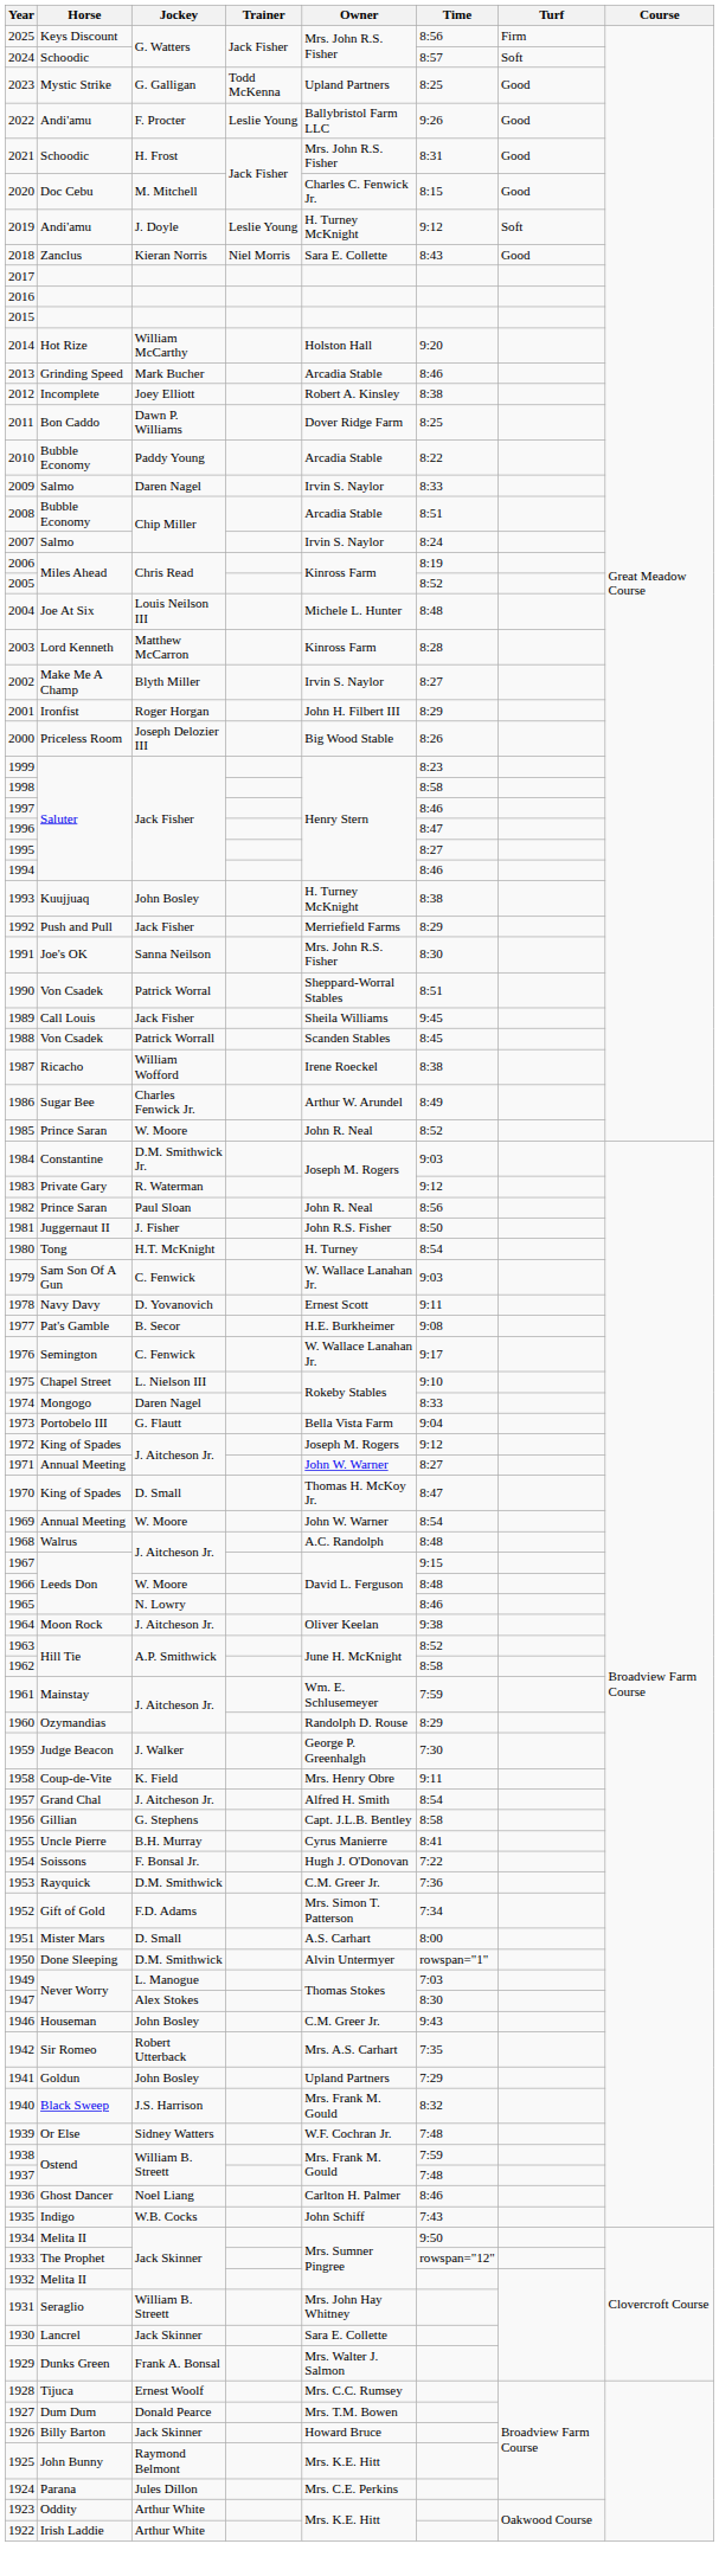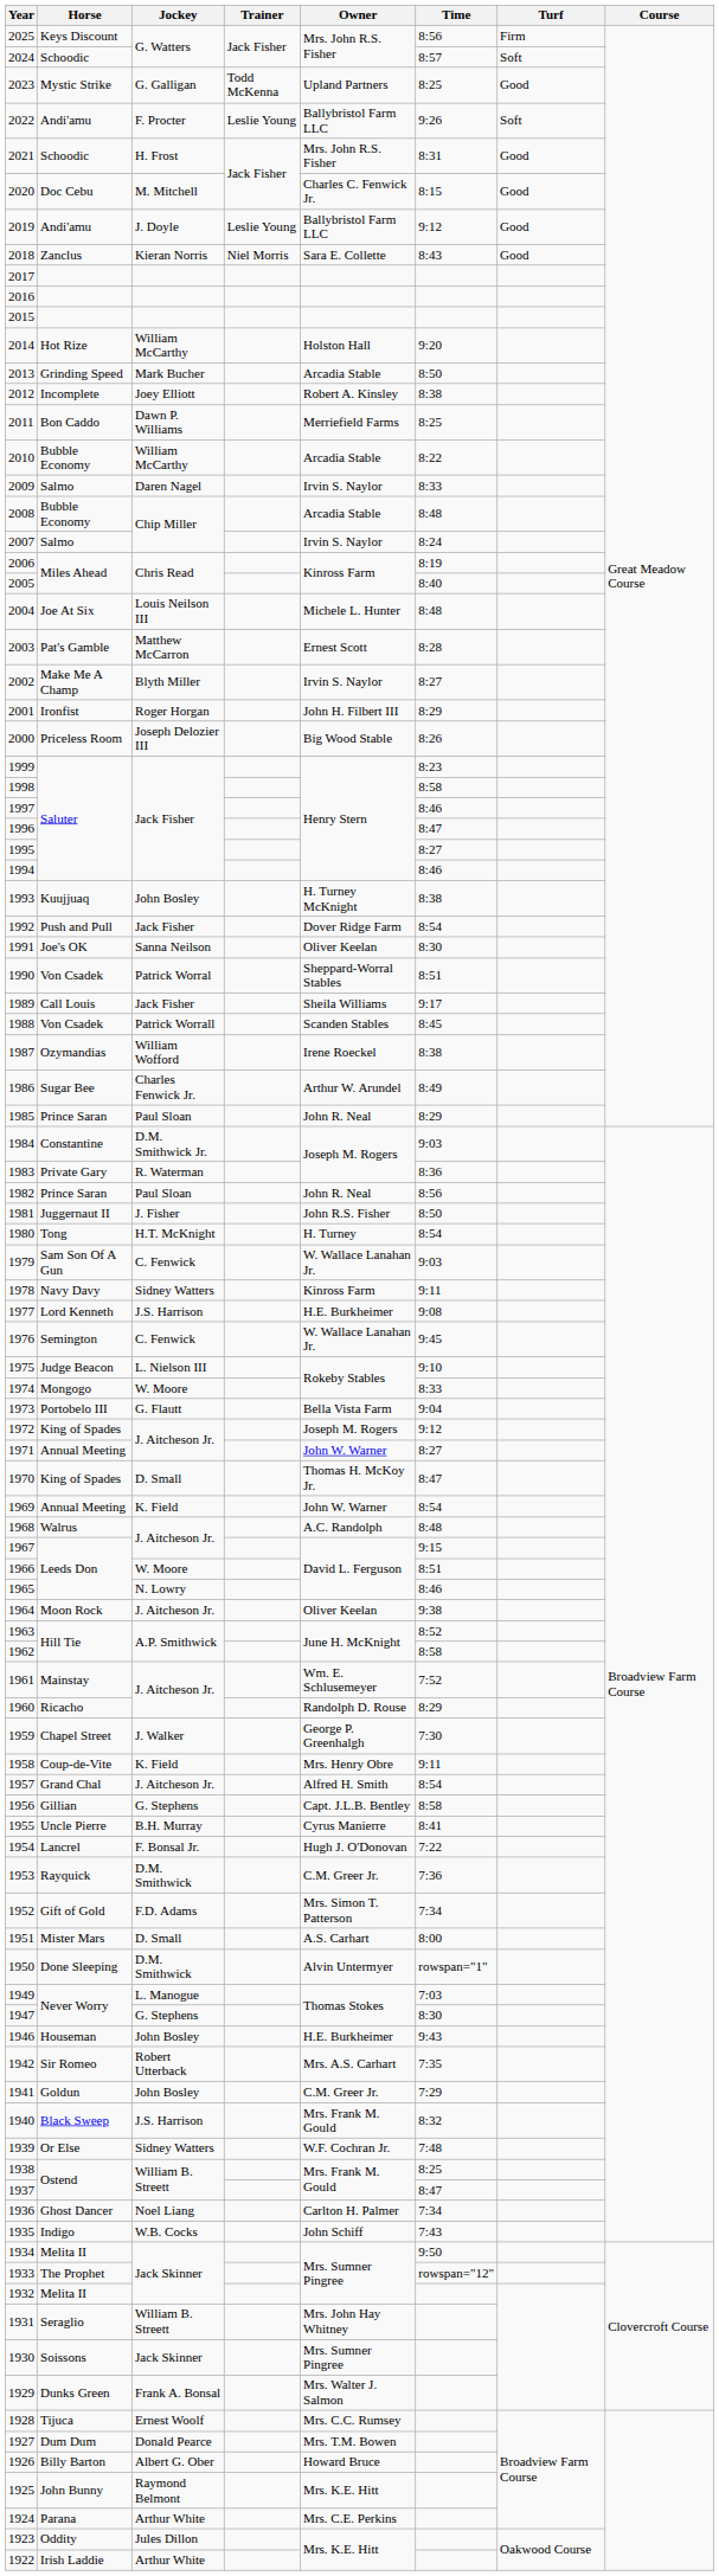 <table class="wikitable sortable">
 <tr>
 <th>Year</th>
 <th>Horse</th>
 <th>Jockey</th>
 <th>Trainer</th>
 <th>Owner</th>
 <th>Time</th>
 <th>Turf</th>
 <th>Course</th>
 </tr>
 <tr>
 <td>2025</td>
 <td>Keys Discount</td>
 <td rowspan="2">G. Watters</td>
 <td rowspan="2">Jack Fisher</td>
 <td rowspan="2">Mrs. John R.S. Fisher</td>
 <td>8:56</td>
 <td>Firm</td>
 <td rowspan="41">Great Meadow Course</td>
 </tr>
 <tr>
 <td>2024</td>
 <td>Schoodic</td>
 <td>8:57</td>
 <td>Soft</td>
 </tr>
 <tr>
 <td>2023</td>
 <td>Mystic Strike</td>
 <td>G. Galligan</td>
 <td>Todd McKenna</td>
 <td>Upland Partners</td>
 <td>8:25</td>
 <td>Good</td>
 </tr>
 <tr>
 <td>2022</td>
 <td>Andi'amu</td>
 <td>F. Procter</td>
 <td>Leslie Young</td>
 <td>Ballybristol Farm LLC</td>
 <td>9:26</td>
-<td>Good</td>
+<td>Soft</td>
 </tr>
 <tr>
 <td>2021</td>
 <td>Schoodic</td>
 <td>H. Frost</td>
 <td rowspan="2">Jack Fisher</td>
 <td>Mrs. John R.S. Fisher</td>
 <td>8:31</td>
 <td>Good</td>
 </tr>
 <tr>
 <td>2020</td>
 <td>Doc Cebu</td>
 <td>M. Mitchell</td>
 <td>Charles C. Fenwick Jr.</td>
 <td>8:15</td>
 <td>Good</td>
 </tr>
 <tr>
 <td>2019</td>
 <td>Andi'amu</td>
 <td>J. Doyle</td>
 <td>Leslie Young</td>
-<td>H. Turney McKnight</td>
+<td>Ballybristol Farm LLC</td>
 <td>9:12</td>
-<td>Soft</td>
+<td>Good</td>
 </tr>
 <tr>
 <td>2018</td>
 <td>Zanclus</td>
 <td>Kieran Norris</td>
 <td>Niel Morris</td>
 <td>Sara E. Collette</td>
 <td>8:43</td>
 <td>Good</td>
 </tr>
 <tr>
 <td>2017</td>
 <td></td>
 <td></td>
 <td></td>
 <td></td>
 <td></td>
 <td></td>
 </tr>
 <tr>
 <td>2016</td>
 <td></td>
 <td></td>
 <td></td>
 <td></td>
 <td></td>
 <td></td>
 </tr>
 <tr>
 <td>2015</td>
 <td></td>
 <td></td>
 <td></td>
 <td></td>
 <td></td>
 <td></td>
 </tr>
 <tr>
 <td>2014</td>
 <td>Hot Rize</td>
 <td>William McCarthy</td>
 <td></td>
 <td>Holston Hall</td>
 <td>9:20</td>
 <td></td>
 </tr>
 <tr>
 <td>2013</td>
 <td>Grinding Speed</td>
 <td>Mark Bucher</td>
 <td></td>
 <td>Arcadia Stable</td>
-<td>8:46</td>
+<td>8:50</td>
 <td></td>
 </tr>
 <tr>
 <td>2012</td>
 <td>Incomplete</td>
 <td>Joey Elliott</td>
 <td></td>
 <td>Robert A. Kinsley</td>
 <td>8:38</td>
 <td></td>
 </tr>
 <tr>
 <td>2011</td>
 <td>Bon Caddo</td>
 <td>Dawn P. Williams</td>
 <td></td>
-<td>Dover Ridge Farm</td>
+<td>Merriefield Farms</td>
 <td>8:25</td>
 <td></td>
 </tr>
 <tr>
 <td>2010</td>
 <td>Bubble Economy</td>
-<td>Paddy Young</td>
+<td>William McCarthy</td>
 <td></td>
 <td>Arcadia Stable</td>
 <td>8:22</td>
 <td></td>
 </tr>
 <tr>
 <td>2009</td>
 <td>Salmo</td>
 <td>Daren Nagel</td>
 <td></td>
 <td>Irvin S. Naylor</td>
 <td>8:33</td>
 <td></td>
 </tr>
 <tr>
 <td>2008</td>
 <td>Bubble Economy</td>
 <td rowspan="2">Chip Miller</td>
 <td></td>
 <td>Arcadia Stable</td>
-<td>8:51</td>
+<td>8:48</td>
 <td></td>
 </tr>
 <tr>
 <td>2007</td>
 <td>Salmo</td>
 <td></td>
 <td>Irvin S. Naylor</td>
 <td>8:24</td>
 <td></td>
 </tr>
 <tr>
 <td>2006</td>
 <td rowspan="2">Miles Ahead</td>
 <td rowspan="2">Chris Read</td>
 <td></td>
 <td rowspan="2">Kinross Farm</td>
 <td>8:19</td>
 <td></td>
 </tr>
 <tr>
 <td>2005</td>
 <td></td>
-<td>8:52</td>
+<td>8:40</td>
 <td></td>
 </tr>
 <tr>
 <td>2004</td>
 <td>Joe At Six</td>
 <td>Louis Neilson III</td>
 <td></td>
 <td>Michele L. Hunter</td>
 <td>8:48</td>
 <td></td>
 </tr>
 <tr>
 <td>2003</td>
-<td>Lord Kenneth</td>
+<td>Pat's Gamble</td>
 <td>Matthew McCarron</td>
 <td></td>
-<td>Kinross Farm</td>
+<td>Ernest Scott</td>
 <td>8:28</td>
 <td></td>
 </tr>
 <tr>
 <td>2002</td>
 <td>Make Me A Champ</td>
 <td>Blyth Miller</td>
 <td></td>
 <td>Irvin S. Naylor</td>
 <td>8:27</td>
 <td></td>
 </tr>
 <tr>
 <td>2001</td>
 <td>Ironfist</td>
 <td>Roger Horgan</td>
 <td></td>
 <td>John H. Filbert III</td>
 <td>8:29</td>
 <td></td>
 </tr>
 <tr>
 <td>2000</td>
 <td>Priceless Room</td>
 <td>Joseph Delozier III</td>
 <td></td>
 <td>Big Wood Stable</td>
 <td>8:26</td>
 <td></td>
 </tr>
 <tr>
 <td>1999</td>
 <td rowspan="6"><a href='#'>Saluter</a></td>
 <td rowspan="6">Jack Fisher</td>
 <td></td>
 <td rowspan="6">Henry Stern</td>
 <td>8:23</td>
 <td></td>
 </tr>
 <tr>
 <td>1998</td>
 <td></td>
 <td>8:58</td>
 <td></td>
 </tr>
 <tr>
 <td>1997</td>
 <td></td>
 <td>8:46</td>
 <td></td>
 </tr>
 <tr>
 <td>1996</td>
 <td></td>
 <td>8:47</td>
 <td></td>
 </tr>
 <tr>
 <td>1995</td>
 <td></td>
 <td>8:27</td>
 <td></td>
 </tr>
 <tr>
 <td>1994</td>
 <td></td>
 <td>8:46</td>
 <td></td>
 </tr>
 <tr>
 <td>1993</td>
 <td>Kuujjuaq</td>
 <td>John Bosley</td>
 <td></td>
 <td>H. Turney McKnight</td>
 <td>8:38</td>
 <td></td>
 </tr>
 <tr>
 <td>1992</td>
 <td>Push and Pull</td>
 <td>Jack Fisher</td>
 <td></td>
-<td>Merriefield Farms</td>
-<td>8:29</td>
+<td>Dover Ridge Farm</td>
+<td>8:54</td>
 <td></td>
 </tr>
 <tr>
 <td>1991</td>
 <td>Joe's OK</td>
 <td>Sanna Neilson</td>
 <td></td>
-<td>Mrs. John R.S. Fisher</td>
+<td>Oliver Keelan</td>
 <td>8:30</td>
 <td></td>
 </tr>
 <tr>
 <td>1990</td>
 <td>Von Csadek</td>
 <td>Patrick Worral</td>
 <td></td>
 <td>Sheppard-Worral Stables</td>
 <td>8:51</td>
 <td></td>
 </tr>
 <tr>
 <td>1989</td>
 <td>Call Louis</td>
 <td>Jack Fisher</td>
 <td></td>
 <td>Sheila Williams</td>
-<td>9:45</td>
+<td>9:17</td>
 <td></td>
 </tr>
 <tr>
 <td>1988</td>
 <td>Von Csadek</td>
 <td>Patrick Worrall</td>
 <td></td>
 <td>Scanden Stables</td>
 <td>8:45</td>
 <td></td>
 </tr>
 <tr>
 <td>1987</td>
-<td>Ricacho</td>
+<td>Ozymandias</td>
 <td>William Wofford</td>
 <td></td>
 <td>Irene Roeckel</td>
 <td>8:38</td>
 <td></td>
 </tr>
 <tr>
 <td>1986</td>
 <td>Sugar Bee</td>
 <td>Charles Fenwick Jr.</td>
 <td></td>
 <td>Arthur W. Arundel</td>
 <td>8:49</td>
 <td></td>
 </tr>
 <tr>
 <td>1985</td>
 <td>Prince Saran</td>
-<td>W. Moore</td>
+<td>Paul Sloan</td>
 <td></td>
 <td>John R. Neal</td>
-<td>8:52</td>
+<td>8:29</td>
 <td></td>
 </tr>
 <tr>
 <td>1984</td>
 <td>Constantine</td>
 <td>D.M. Smithwick Jr.</td>
 <td></td>
 <td rowspan="2">Joseph M. Rogers</td>
 <td>9:03</td>
 <td></td>
 <td rowspan="46">Broadview Farm Course</td>
 </tr>
 <tr>
 <td>1983</td>
 <td>Private Gary</td>
 <td>R. Waterman</td>
 <td></td>
-<td>9:12</td>
+<td>8:36</td>
 <td></td>
 </tr>
 <tr>
 <td>1982</td>
 <td>Prince Saran</td>
 <td>Paul Sloan</td>
 <td></td>
 <td>John R. Neal</td>
 <td>8:56</td>
 <td></td>
 </tr>
 <tr>
 <td>1981</td>
 <td>Juggernaut II</td>
 <td>J. Fisher</td>
 <td></td>
 <td>John R.S. Fisher</td>
 <td>8:50</td>
 <td></td>
 </tr>
 <tr>
 <td>1980</td>
 <td>Tong</td>
 <td>H.T. McKnight</td>
 <td></td>
 <td>H. Turney</td>
 <td>8:54</td>
 <td></td>
 </tr>
 <tr>
 <td>1979</td>
 <td>Sam Son Of A Gun</td>
 <td>C. Fenwick</td>
 <td></td>
 <td>W. Wallace Lanahan Jr.</td>
 <td>9:03</td>
 <td></td>
 </tr>
 <tr>
 <td>1978</td>
 <td>Navy Davy</td>
-<td>D. Yovanovich</td>
+<td>Sidney Watters</td>
 <td></td>
-<td>Ernest Scott</td>
+<td>Kinross Farm</td>
 <td>9:11</td>
 <td></td>
 </tr>
 <tr>
 <td>1977</td>
-<td>Pat's Gamble</td>
-<td>B. Secor</td>
+<td>Lord Kenneth</td>
+<td>J.S. Harrison</td>
 <td></td>
 <td>H.E. Burkheimer</td>
 <td>9:08</td>
 <td></td>
 </tr>
 <tr>
 <td>1976</td>
 <td>Semington</td>
 <td>C. Fenwick</td>
 <td></td>
 <td>W. Wallace Lanahan Jr.</td>
-<td>9:17</td>
+<td>9:45</td>
 <td></td>
 </tr>
 <tr>
 <td>1975</td>
-<td>Chapel Street</td>
+<td>Judge Beacon</td>
 <td>L. Nielson III</td>
 <td></td>
 <td rowspan="2">Rokeby Stables</td>
 <td>9:10</td>
 <td></td>
 </tr>
 <tr>
 <td>1974</td>
 <td>Mongogo</td>
-<td>Daren Nagel</td>
+<td>W. Moore</td>
 <td></td>
 <td>8:33</td>
 <td></td>
 </tr>
 <tr>
 <td>1973</td>
 <td>Portobelo III</td>
 <td>G. Flautt</td>
 <td></td>
 <td>Bella Vista Farm</td>
 <td>9:04</td>
 <td></td>
 </tr>
 <tr>
 <td>1972</td>
 <td>King of Spades</td>
 <td rowspan="2">J. Aitcheson Jr.</td>
 <td></td>
 <td>Joseph M. Rogers</td>
 <td>9:12</td>
 <td></td>
 </tr>
 <tr>
 <td>1971</td>
 <td>Annual Meeting</td>
 <td></td>
 <td><a href='#'>John W. Warner</a></td>
 <td>8:27</td>
 <td></td>
 </tr>
 <tr>
 <td>1970</td>
 <td>King of Spades</td>
 <td>D. Small</td>
 <td></td>
 <td>Thomas H. McKoy Jr.</td>
 <td>8:47</td>
 <td></td>
 </tr>
 <tr>
 <td>1969</td>
 <td>Annual Meeting</td>
-<td>W. Moore</td>
+<td>K. Field</td>
 <td></td>
 <td>John W. Warner</td>
 <td>8:54</td>
 <td></td>
 </tr>
 <tr>
 <td>1968</td>
 <td>Walrus</td>
 <td rowspan="2">J. Aitcheson Jr.</td>
 <td></td>
 <td>A.C. Randolph</td>
 <td>8:48</td>
 <td></td>
 </tr>
 <tr>
 <td>1967</td>
 <td rowspan="3">Leeds Don</td>
 <td></td>
 <td rowspan="3">David L. Ferguson</td>
 <td>9:15</td>
 <td></td>
 </tr>
 <tr>
 <td>1966</td>
 <td>W. Moore</td>
 <td></td>
-<td>8:48</td>
+<td>8:51</td>
 <td></td>
 </tr>
 <tr>
 <td>1965</td>
 <td>N. Lowry</td>
 <td></td>
 <td>8:46</td>
 <td></td>
 </tr>
 <tr>
 <td>1964</td>
 <td>Moon Rock</td>
 <td>J. Aitcheson Jr.</td>
 <td></td>
 <td>Oliver Keelan</td>
 <td>9:38</td>
 <td></td>
 </tr>
 <tr>
 <td>1963</td>
 <td rowspan="2">Hill Tie</td>
 <td rowspan="2">A.P. Smithwick</td>
 <td></td>
 <td rowspan="2">June H. McKnight</td>
 <td>8:52</td>
 <td></td>
 </tr>
 <tr>
 <td>1962</td>
 <td></td>
 <td>8:58</td>
 <td></td>
 </tr>
 <tr>
 <td>1961</td>
 <td>Mainstay</td>
 <td rowspan="2">J. Aitcheson Jr.</td>
 <td></td>
 <td>Wm. E. Schlusemeyer</td>
-<td>7:59</td>
+<td>7:52</td>
 <td></td>
 </tr>
 <tr>
 <td>1960</td>
-<td>Ozymandias</td>
+<td>Ricacho</td>
 <td></td>
 <td>Randolph D. Rouse</td>
 <td>8:29</td>
 <td></td>
 </tr>
 <tr>
 <td>1959</td>
-<td>Judge Beacon</td>
+<td>Chapel Street</td>
 <td>J. Walker</td>
 <td></td>
 <td>George P. Greenhalgh</td>
 <td>7:30</td>
 <td></td>
 </tr>
 <tr>
 <td>1958</td>
 <td>Coup-de-Vite</td>
 <td>K. Field</td>
 <td></td>
 <td>Mrs. Henry Obre</td>
 <td>9:11</td>
 <td></td>
 </tr>
 <tr>
 <td>1957</td>
 <td>Grand Chal</td>
 <td>J. Aitcheson Jr.</td>
 <td></td>
 <td>Alfred H. Smith</td>
 <td>8:54</td>
 <td></td>
 </tr>
 <tr>
 <td>1956</td>
 <td>Gillian</td>
 <td>G. Stephens</td>
 <td></td>
 <td>Capt. J.L.B. Bentley</td>
 <td>8:58</td>
 <td></td>
 </tr>
 <tr>
 <td>1955</td>
 <td>Uncle Pierre</td>
 <td>B.H. Murray</td>
 <td></td>
 <td>Cyrus Manierre</td>
 <td>8:41</td>
 <td></td>
 </tr>
 <tr>
 <td>1954</td>
-<td>Soissons</td>
+<td>Lancrel</td>
 <td>F. Bonsal Jr.</td>
 <td></td>
 <td>Hugh J. O'Donovan</td>
 <td>7:22</td>
 <td></td>
 </tr>
 <tr>
 <td>1953</td>
 <td>Rayquick</td>
 <td>D.M. Smithwick</td>
 <td></td>
 <td>C.M. Greer Jr.</td>
 <td>7:36</td>
 <td></td>
 </tr>
 <tr>
 <td>1952</td>
 <td>Gift of Gold</td>
 <td>F.D. Adams</td>
 <td></td>
 <td>Mrs. Simon T. Patterson</td>
 <td>7:34</td>
 <td></td>
 </tr>
 <tr>
 <td>1951</td>
 <td>Mister Mars</td>
 <td>D. Small</td>
 <td></td>
 <td>A.S. Carhart</td>
 <td>8:00</td>
 <td></td>
 </tr>
 <tr>
 <td>1950</td>
 <td>Done Sleeping</td>
 <td>D.M. Smithwick</td>
 <td></td>
 <td>Alvin Untermyer</td>
 <td>rowspan="1" </td>
 <td></td>
 </tr>
 <tr>
 <td>1949</td>
 <td rowspan="2">Never Worry</td>
 <td>L. Manogue</td>
 <td></td>
 <td rowspan="2">Thomas Stokes</td>
 <td>7:03</td>
 <td></td>
 </tr>
 <tr>
 <td>1947</td>
-<td>Alex Stokes</td>
+<td>G. Stephens</td>
 <td></td>
 <td>8:30</td>
 <td></td>
 </tr>
 <tr>
 <td>1946</td>
 <td>Houseman</td>
 <td>John Bosley</td>
 <td></td>
-<td>C.M. Greer Jr.</td>
+<td>H.E. Burkheimer</td>
 <td>9:43</td>
 <td></td>
 </tr>
 <tr>
 <td>1942</td>
 <td>Sir Romeo</td>
 <td>Robert Utterback</td>
 <td></td>
 <td>Mrs. A.S. Carhart</td>
 <td>7:35</td>
 <td></td>
 </tr>
 <tr>
 <td>1941</td>
 <td>Goldun</td>
 <td>John Bosley</td>
 <td></td>
-<td>Upland Partners</td>
+<td>C.M. Greer Jr.</td>
 <td>7:29</td>
 <td></td>
 </tr>
 <tr>
 <td>1940</td>
 <td><a href='#'>Black Sweep</a></td>
 <td>J.S. Harrison</td>
 <td></td>
 <td>Mrs. Frank M. Gould</td>
 <td>8:32</td>
 <td></td>
 </tr>
 <tr>
 <td>1939</td>
 <td>Or Else</td>
 <td>Sidney Watters</td>
 <td></td>
 <td>W.F. Cochran Jr.</td>
 <td>7:48</td>
 <td></td>
 </tr>
 <tr>
 <td>1938</td>
 <td rowspan="2">Ostend</td>
 <td rowspan="2">William B. Streett</td>
 <td></td>
 <td rowspan="2">Mrs. Frank M. Gould</td>
-<td>7:59</td>
+<td>8:25</td>
 <td></td>
 </tr>
 <tr>
 <td>1937</td>
 <td></td>
-<td>7:48</td>
+<td>8:47</td>
 <td></td>
 </tr>
 <tr>
 <td>1936</td>
 <td>Ghost Dancer</td>
 <td>Noel Liang</td>
 <td></td>
 <td>Carlton H. Palmer</td>
-<td>8:46</td>
+<td>7:34</td>
 <td></td>
 </tr>
 <tr>
 <td>1935</td>
 <td>Indigo</td>
 <td>W.B. Cocks</td>
 <td></td>
 <td>John Schiff</td>
 <td>7:43</td>
 <td></td>
 </tr>
 <tr>
 <td>1934</td>
 <td>Melita II</td>
 <td rowspan="3">Jack Skinner</td>
 <td></td>
 <td rowspan="3">Mrs. Sumner Pingree</td>
 <td>9:50</td>
 <td></td>
 <td rowspan="6">Clovercroft Course</td>
 </tr>
 <tr>
 <td>1933</td>
 <td>The Prophet</td>
 <td></td>
 <td>rowspan="12" </td>
 <td></td>
 </tr>
 <tr>
 <td>1932</td>
 <td>Melita II</td>
 <td></td>
 <td></td>
 </tr>
 <tr>
 <td>1931</td>
 <td>Seraglio</td>
 <td>William B. Streett</td>
 <td></td>
 <td>Mrs. John Hay Whitney</td>
 <td></td>
 </tr>
 <tr>
 <td>1930</td>
-<td>Lancrel</td>
+<td>Soissons</td>
 <td>Jack Skinner</td>
 <td></td>
-<td>Sara E. Collette</td>
+<td>Mrs. Sumner Pingree</td>
 <td></td>
 </tr>
 <tr>
 <td>1929</td>
 <td>Dunks Green</td>
 <td>Frank A. Bonsal</td>
 <td></td>
 <td>Mrs. Walter J. Salmon</td>
 <td></td>
 </tr>
 <tr>
 <td>1928</td>
 <td>Tijuca</td>
 <td>Ernest Woolf</td>
 <td></td>
 <td>Mrs. C.C. Rumsey</td>
 <td></td>
 <td rowspan="5">Broadview Farm Course</td>
 </tr>
 <tr>
 <td>1927</td>
 <td>Dum Dum</td>
 <td>Donald Pearce</td>
 <td></td>
 <td>Mrs. T.M. Bowen</td>
 <td></td>
 </tr>
 <tr>
 <td>1926</td>
 <td>Billy Barton</td>
-<td>Jack Skinner</td>
+<td>Albert G. Ober</td>
 <td></td>
 <td>Howard Bruce</td>
 <td></td>
 </tr>
 <tr>
 <td>1925</td>
 <td>John Bunny</td>
 <td>Raymond Belmont</td>
 <td></td>
 <td>Mrs. K.E. Hitt</td>
 <td></td>
 </tr>
 <tr>
 <td>1924</td>
 <td>Parana</td>
-<td>Jules Dillon</td>
+<td>Arthur White</td>
 <td></td>
 <td>Mrs. C.E. Perkins</td>
 <td></td>
 </tr>
 <tr>
 <td>1923</td>
 <td>Oddity</td>
-<td>Arthur White</td>
+<td>Jules Dillon</td>
 <td></td>
 <td rowspan="2">Mrs. K.E. Hitt</td>
 <td></td>
 <td rowspan="2">Oakwood Course</td>
 </tr>
 <tr>
 <td>1922</td>
 <td>Irish Laddie</td>
 <td>Arthur White</td>
 <td></td>
 </tr>
 </table>
